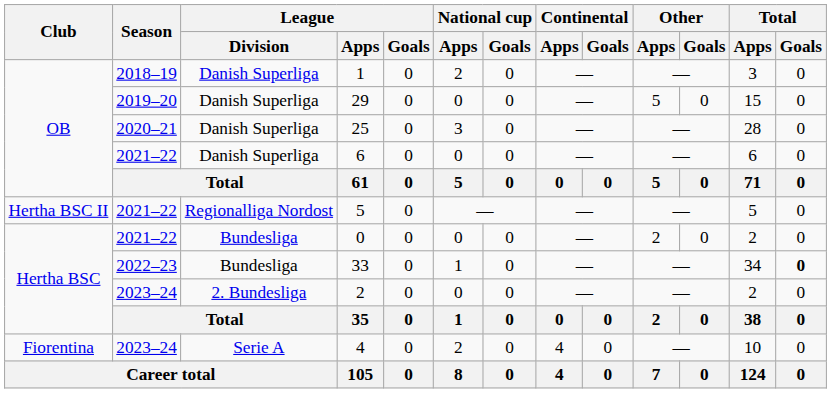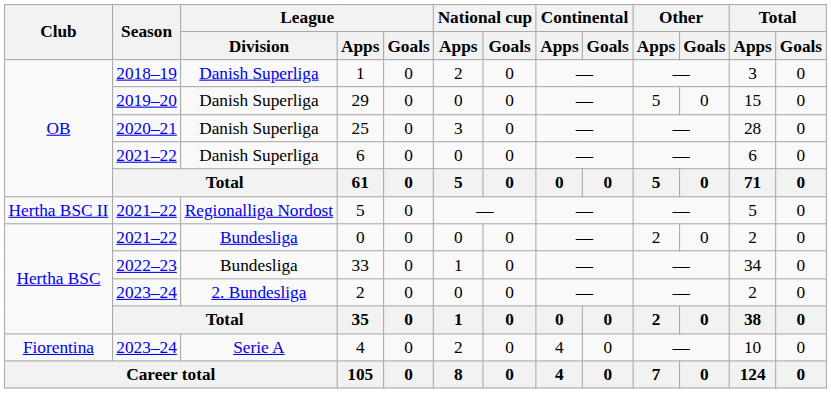 <table class="wikitable" style="text-align:center">
 <tr>
 <th rowspan="2">Club</th>
 <th rowspan="2">Season</th>
 <th colspan="3">League</th>
 <th colspan="2">National cup</th>
 <th colspan="2">Continental</th>
 <th colspan="2">Other</th>
 <th colspan="2">Total</th>
 </tr>
 <tr>
 <th>Division</th>
 <th>Apps</th>
 <th>Goals</th>
 <th>Apps</th>
 <th>Goals</th>
 <th>Apps</th>
 <th>Goals</th>
 <th>Apps</th>
 <th>Goals</th>
 <th>Apps</th>
 <th>Goals</th>
 </tr>
 <tr>
 <td rowspan="5"><a href='#'>OB</a></td>
 <td><a href='#'>2018–19</a></td>
 <td><a href='#'>Danish Superliga</a></td>
 <td>1</td>
 <td>0</td>
 <td>2</td>
 <td>0</td>
 <td colspan="2">—</td>
 <td colspan="2">—</td>
 <td>3</td>
 <td>0</td>
 </tr>
 <tr>
 <td><a href='#'>2019–20</a></td>
 <td>Danish Superliga</td>
 <td>29</td>
 <td>0</td>
 <td>0</td>
 <td>0</td>
 <td colspan="2">—</td>
 <td>5</td>
 <td>0</td>
 <td>15</td>
 <td>0</td>
 </tr>
 <tr>
 <td><a href='#'>2020–21</a></td>
 <td>Danish Superliga</td>
 <td>25</td>
 <td>0</td>
 <td>3</td>
 <td>0</td>
 <td colspan="2">—</td>
 <td colspan="2">—</td>
 <td>28</td>
 <td>0</td>
 </tr>
 <tr>
 <td><a href='#'>2021–22</a></td>
 <td>Danish Superliga</td>
 <td>6</td>
 <td>0</td>
 <td>0</td>
 <td>0</td>
 <td colspan="2">—</td>
 <td colspan="2">—</td>
 <td>6</td>
 <td>0</td>
 </tr>
 <tr>
 <th colspan="2">Total</th>
 <th>61</th>
 <th>0</th>
 <th>5</th>
 <th>0</th>
 <th>0</th>
 <th>0</th>
 <th>5</th>
 <th>0</th>
 <th>71</th>
 <th>0</th>
 </tr>
 <tr>
 <td><a href='#'>Hertha BSC II</a></td>
 <td><a href='#'>2021–22</a></td>
 <td><a href='#'>Regionalliga Nordost</a></td>
 <td>5</td>
 <td>0</td>
 <td colspan="2">—</td>
 <td colspan="2">—</td>
 <td colspan="2">—</td>
 <td>5</td>
 <td>0</td>
 </tr>
 <tr>
 <td rowspan="4"><a href='#'>Hertha BSC</a></td>
 <td><a href='#'>2021–22</a></td>
 <td><a href='#'>Bundesliga</a></td>
 <td>0</td>
 <td>0</td>
 <td>0</td>
 <td>0</td>
 <td colspan="2">—</td>
 <td>2</td>
 <td>0</td>
 <td>2</td>
 <td>0</td>
 </tr>
 <tr>
 <td><a href='#'>2022–23</a></td>
 <td>Bundesliga</td>
 <td>33</td>
 <td>0</td>
 <td>1</td>
 <td>0</td>
 <td colspan="2">—</td>
 <td colspan="2">—</td>
 <td>34</td>
-<td><strong>0</strong></td>
+<td>0</td>
 </tr>
 <tr>
 <td><a href='#'>2023–24</a></td>
 <td><a href='#'>2. Bundesliga</a></td>
 <td>2</td>
 <td>0</td>
 <td>0</td>
 <td>0</td>
 <td colspan="2">—</td>
 <td colspan="2">—</td>
 <td>2</td>
 <td>0</td>
 </tr>
 <tr>
 <th colspan="2">Total</th>
 <th>35</th>
 <th>0</th>
 <th>1</th>
 <th>0</th>
 <th>0</th>
 <th>0</th>
 <th>2</th>
 <th>0</th>
 <th>38</th>
 <th>0</th>
 </tr>
 <tr>
 <td><a href='#'>Fiorentina</a></td>
 <td><a href='#'>2023–24</a></td>
 <td><a href='#'>Serie A</a></td>
 <td>4</td>
 <td>0</td>
 <td>2</td>
 <td>0</td>
 <td>4</td>
 <td>0</td>
 <td colspan="2">—</td>
 <td>10</td>
 <td>0</td>
 </tr>
 <tr>
 <th colspan="3">Career total</th>
 <th>105</th>
 <th>0</th>
 <th>8</th>
 <th>0</th>
 <th>4</th>
 <th>0</th>
 <th>7</th>
 <th>0</th>
 <th>124</th>
 <th>0</th>
 </tr>
 </table>
